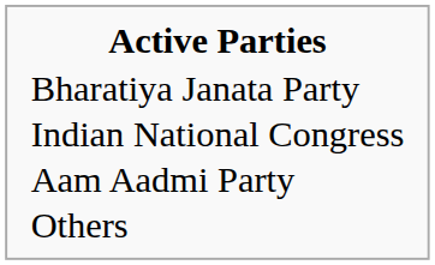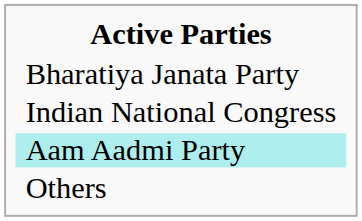 <table class="infobox" style="float; margin-left: 1em; margin-bottom: 0.5em">
 <tr>
 <td style="text-align: center"><span><strong>Active Parties</strong></span></td>
 </tr>
 <tr>
 <td style="padding: 0 5px;"> Bharatiya Janata Party</td>
 </tr>
 <tr>
 <td style="padding: 0 5px;"> Indian National Congress</td>
 </tr>
 <tr>
-<td style="padding: 0 5px;"> Aam Aadmi Party</td>
+<td style="background: paleturquoise; padding: 0 5px;"> Aam Aadmi Party</td>
 </tr>
 <tr>
 <td style="padding: 0 5px;"> Others</td>
 </tr>
 </table>
